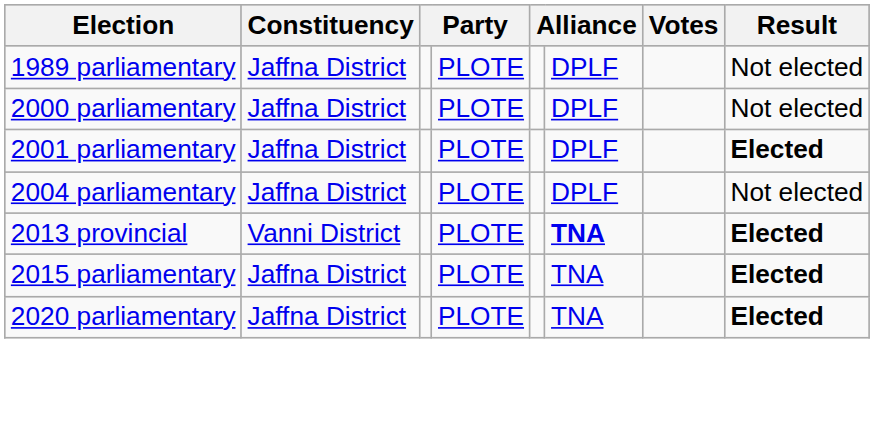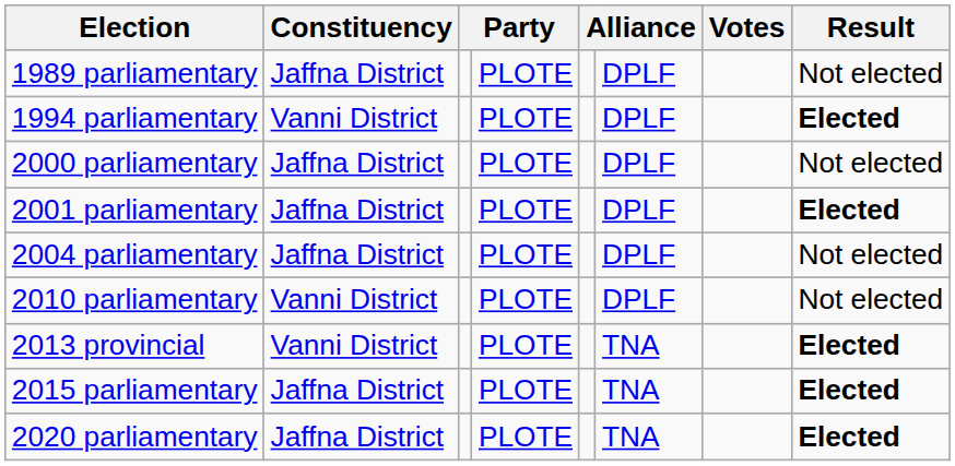 <table class="wikitable" style="text-align:left;">
 <tr>
 <th scope=col>Election</th>
 <th scope=col>Constituency</th>
 <th scope=col colspan="2">Party</th>
 <th scope=col colspan="2">Alliance</th>
 <th scope=col>Votes</th>
 <th scope=col>Result</th>
 </tr>
 <tr>
 <td><a href='#'>1989 parliamentary</a></td>
 <td><a href='#'>Jaffna District</a></td>
 <td style="background:"></td>
 <td><a href='#'>PLOTE</a></td>
 <td style="background:"></td>
 <td><a href='#'>DPLF</a></td>
 <td align=right></td>
 <td>Not elected</td>
+</tr>
+<tr>
+<td><a href='#'>1994 parliamentary</a></td>
+<td><a href='#'>Vanni District</a></td>
+<td style="background:"></td>
+<td><a href='#'>PLOTE</a></td>
+<td style="background:"></td>
+<td><a href='#'>DPLF</a></td>
+<td align=right></td>
+<td><strong>Elected</strong></td>
 </tr>
 <tr>
 <td><a href='#'>2000 parliamentary</a></td>
 <td><a href='#'>Jaffna District</a></td>
 <td style="background:"></td>
 <td><a href='#'>PLOTE</a></td>
 <td style="background:"></td>
 <td><a href='#'>DPLF</a></td>
 <td align=right></td>
 <td>Not elected</td>
 </tr>
 <tr>
 <td><a href='#'>2001 parliamentary</a></td>
 <td><a href='#'>Jaffna District</a></td>
 <td style="background:"></td>
 <td><a href='#'>PLOTE</a></td>
 <td style="background:"></td>
 <td><a href='#'>DPLF</a></td>
 <td align=right></td>
 <td><strong>Elected</strong></td>
 </tr>
 <tr>
 <td><a href='#'>2004 parliamentary</a></td>
 <td><a href='#'>Jaffna District</a></td>
 <td style="background:"></td>
 <td><a href='#'>PLOTE</a></td>
 <td style="background:"></td>
 <td><a href='#'>DPLF</a></td>
 <td align=right></td>
 <td>Not elected</td>
 </tr>
 <tr>
+<td><a href='#'>2010 parliamentary</a></td>
+<td><a href='#'>Vanni District</a></td>
+<td style="background:"></td>
+<td><a href='#'>PLOTE</a></td>
+<td style="background:"></td>
+<td><a href='#'>DPLF</a></td>
+<td></td>
+<td>Not elected</td>
+</tr>
+<tr>
 <td><a href='#'>2013 provincial</a></td>
 <td><a href='#'>Vanni District</a></td>
 <td style="background:"></td>
 <td><a href='#'>PLOTE</a></td>
 <td style="background:"></td>
-<td><strong><a href='#'>TNA</a></strong></td>
+<td><a href='#'>TNA</a></td>
 <td align=right></td>
 <td><strong>Elected</strong></td>
 </tr>
 <tr>
 <td><a href='#'>2015 parliamentary</a></td>
 <td><a href='#'>Jaffna District</a></td>
 <td style="background:"></td>
 <td><a href='#'>PLOTE</a></td>
 <td style="background:"></td>
 <td><a href='#'>TNA</a></td>
 <td align=right></td>
 <td><strong>Elected</strong></td>
 </tr>
 <tr>
 <td><a href='#'>2020 parliamentary</a></td>
 <td><a href='#'>Jaffna District</a></td>
 <td style="background:"></td>
 <td><a href='#'>PLOTE</a></td>
 <td style="background:"></td>
 <td><a href='#'>TNA</a></td>
 <td align=right></td>
 <td><strong>Elected</strong></td>
 </tr>
 </table>
